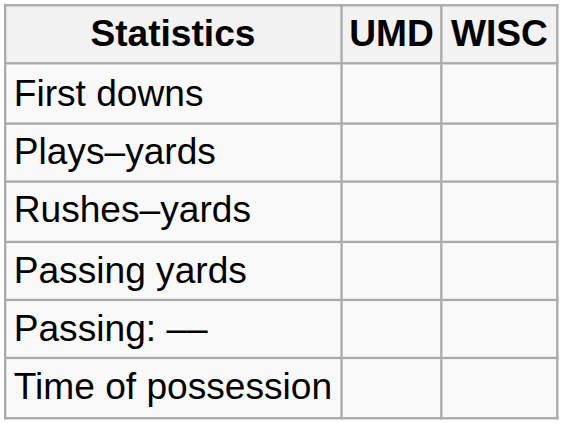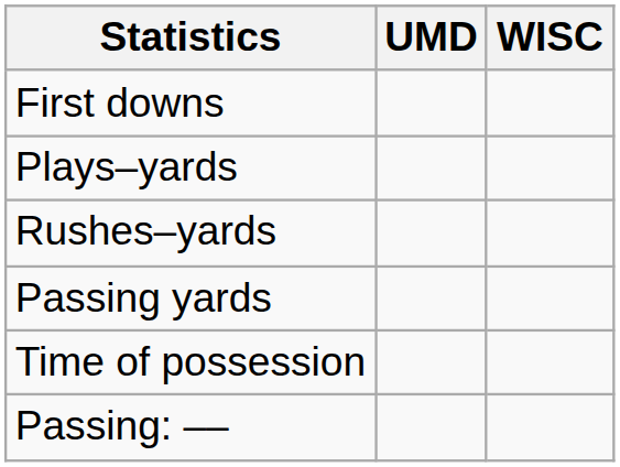 <table class="wikitable" style="float:left">
 <tr>
 <th>Statistics</th>
 <th>UMD</th>
 <th>WISC</th>
 </tr>
 <tr>
 <td>First downs</td>
 <td></td>
 <td></td>
 </tr>
 <tr>
 <td>Plays–yards</td>
 <td></td>
 <td></td>
 </tr>
 <tr>
 <td>Rushes–yards</td>
 <td></td>
 <td></td>
 </tr>
 <tr>
 <td>Passing yards</td>
 <td></td>
 <td></td>
 </tr>
 <tr>
+<td>Time of possession</td>
+<td></td>
+<td></td>
+</tr>
+<tr>
 <td>Passing: ––</td>
 <td></td>
 <td></td>
 </tr>
-<tr>
-<td>Time of possession</td>
-<td></td>
-<td></td>
-</tr>
 </table>
